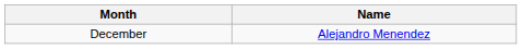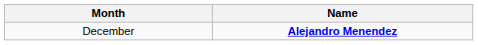 <table class="wikitable" style="font-size:95%; width:40%; text-align:center">
 <tr>
 <th style="width:20%;">Month</th>
 <th style="width:25%;">Name</th>
 </tr>
 <tr>
 <td>December</td>
-<td><a href='#'>Alejandro Menendez</a></td>
+<td><strong><a href='#'>Alejandro Menendez</a></strong></td>
 </tr>
 </table>
